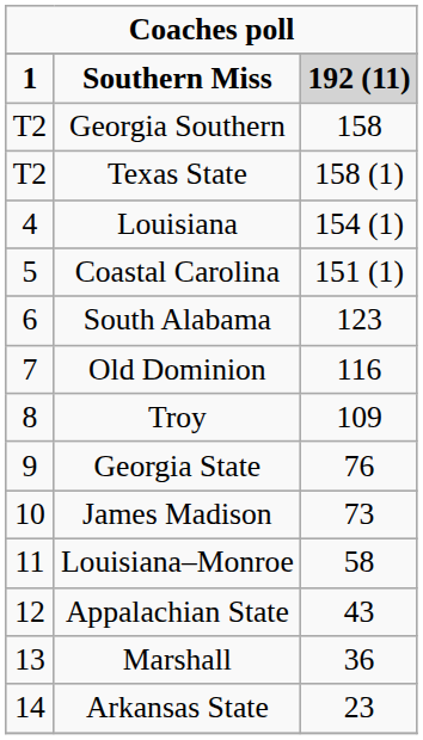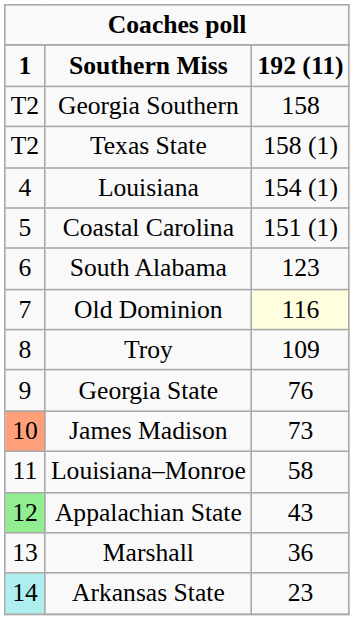 <table class="wikitable">
 <tr align="center">
 <td align="center" Colspan="3"><strong>Coaches poll</strong></td>
 </tr>
 <tr align="center">
 </tr>
 <tr align="center">
 <td><strong>1</strong></td>
 <td><strong>Southern Miss</strong></td>
-<td style="background: lightgrey;"><strong>192 (11)</strong></td>
+<td><strong>192 (11)</strong></td>
 </tr>
 <tr align="center">
 <td>T2</td>
 <td>Georgia Southern</td>
 <td>158</td>
 </tr>
 <tr align="center">
 <td>T2</td>
 <td>Texas State</td>
 <td>158 (1)</td>
 </tr>
 <tr align="center">
 <td>4</td>
 <td>Louisiana</td>
 <td>154 (1)</td>
 </tr>
 <tr align="center">
 <td>5</td>
 <td>Coastal Carolina</td>
 <td>151 (1)</td>
 </tr>
 <tr align="center">
 <td>6</td>
 <td>South Alabama</td>
 <td>123</td>
 </tr>
 <tr align="center">
 <td>7</td>
 <td>Old Dominion</td>
-<td>116</td>
+<td style="background: lightyellow;">116</td>
 </tr>
 <tr align="center">
 <td>8</td>
 <td>Troy</td>
 <td>109</td>
 </tr>
 <tr align="center">
 <td>9</td>
 <td>Georgia State</td>
 <td>76</td>
 </tr>
 <tr align="center">
-<td>10</td>
+<td style="background: lightsalmon;">10</td>
 <td>James Madison</td>
 <td>73</td>
 </tr>
 <tr align="center">
 <td>11</td>
 <td>Louisiana–Monroe</td>
 <td>58</td>
 </tr>
 <tr align="center">
-<td>12</td>
+<td style="background: lightgreen;">12</td>
 <td>Appalachian State</td>
 <td>43</td>
 </tr>
 <tr align="center">
 <td>13</td>
 <td>Marshall</td>
 <td>36</td>
 </tr>
 <tr align="center">
-<td>14</td>
+<td style="background: paleturquoise;">14</td>
 <td>Arkansas State</td>
 <td>23</td>
 </tr>
 <tr align="center">
 </tr>
 </table>
